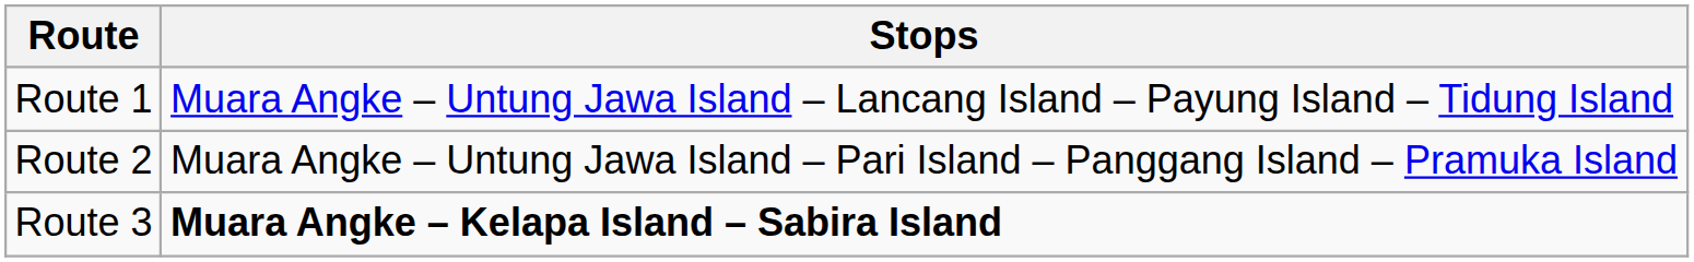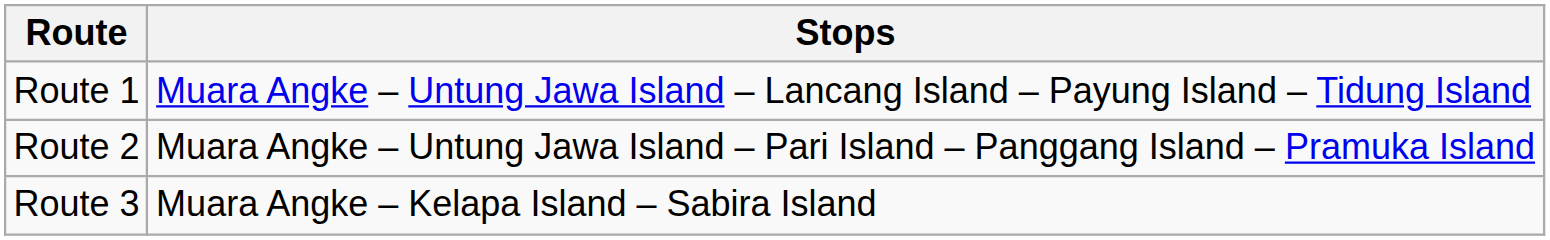 <table class="wikitable">
 <tr>
 <th>Route</th>
 <th>Stops</th>
 </tr>
 <tr>
 <td>Route 1</td>
 <td><a href='#'>Muara Angke</a> – <a href='#'>Untung Jawa Island</a> – Lancang Island – Payung Island – <a href='#'>Tidung Island</a></td>
 </tr>
 <tr>
 <td>Route 2</td>
 <td>Muara Angke – Untung Jawa Island – Pari Island – Panggang Island – <a href='#'>Pramuka Island</a></td>
 </tr>
 <tr>
 <td>Route 3</td>
-<td><strong>Muara Angke – Kelapa Island – Sabira Island</strong></td>
+<td>Muara Angke – Kelapa Island – Sabira Island</td>
 </tr>
 </table>
